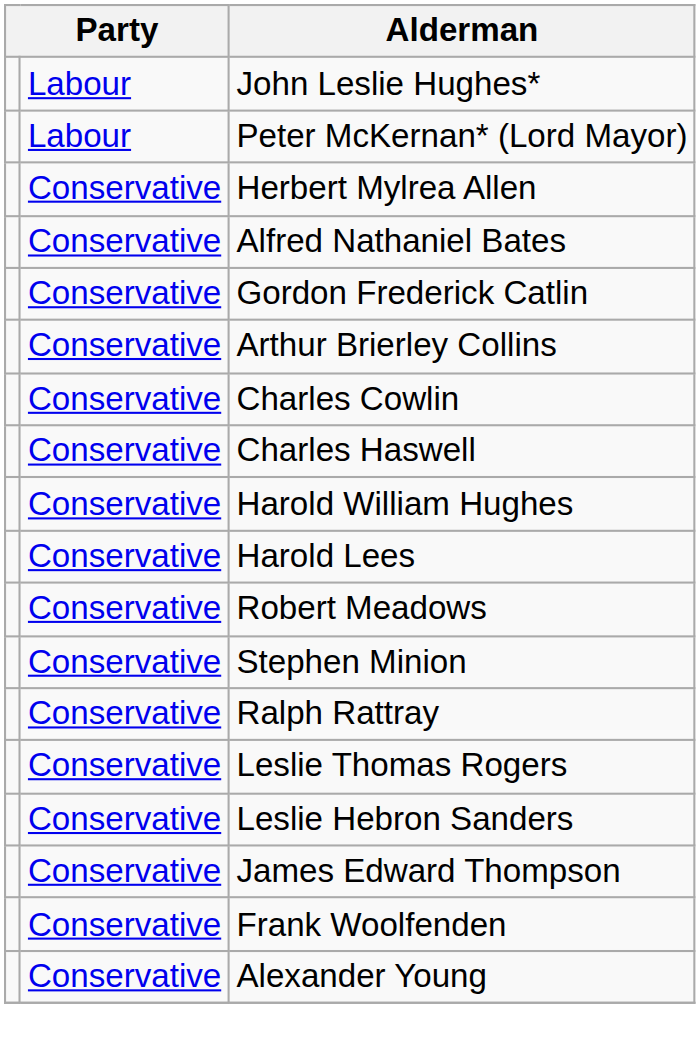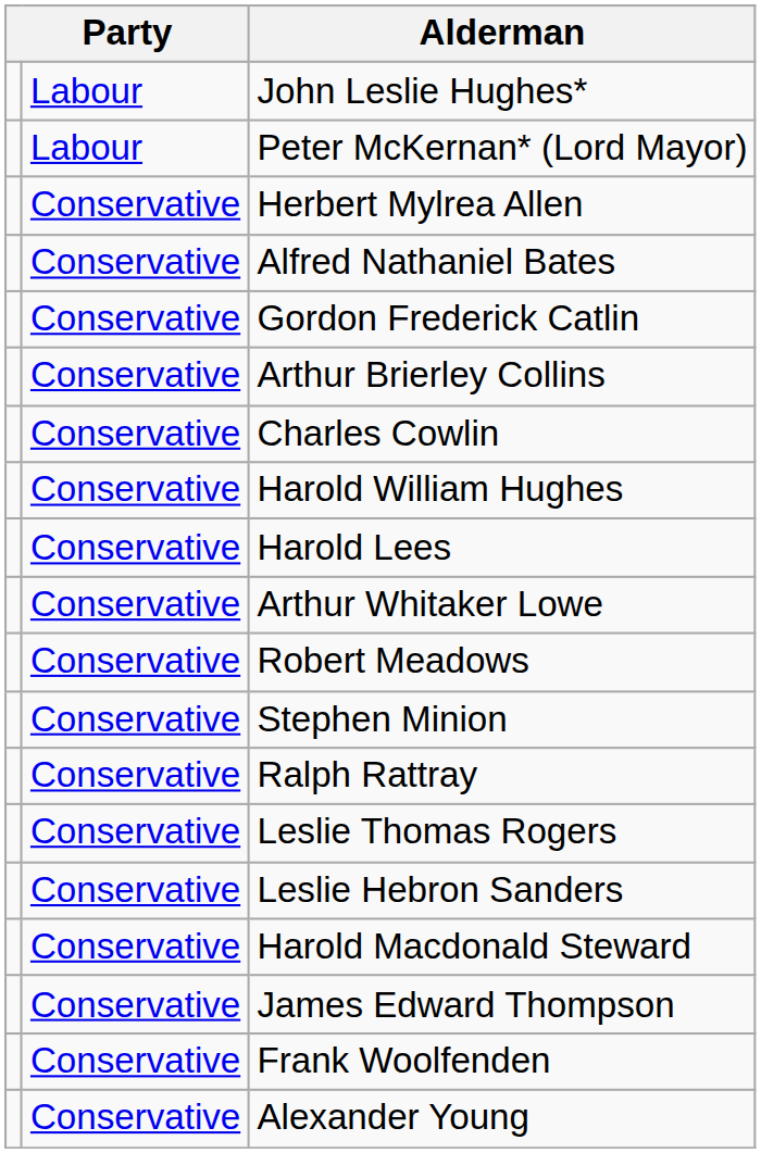 <table class="wikitable">
 <tr>
 <th colspan="2">Party</th>
 <th>Alderman</th>
 </tr>
 <tr>
 <td style="background-color:"></td>
 <td><a href='#'>Labour</a></td>
 <td>John Leslie Hughes*</td>
 </tr>
 <tr>
 <td style="background-color:"></td>
 <td><a href='#'>Labour</a></td>
 <td>Peter McKernan* (Lord Mayor)</td>
 </tr>
 <tr>
 <td style="background-color:"></td>
 <td><a href='#'>Conservative</a></td>
 <td>Herbert Mylrea Allen</td>
 </tr>
 <tr>
 <td style="background-color:"></td>
 <td><a href='#'>Conservative</a></td>
 <td>Alfred Nathaniel Bates</td>
 </tr>
 <tr>
 <td style="background-color:"></td>
 <td><a href='#'>Conservative</a></td>
 <td>Gordon Frederick Catlin</td>
 </tr>
 <tr>
 <td style="background-color:"></td>
 <td><a href='#'>Conservative</a></td>
 <td>Arthur Brierley Collins</td>
 </tr>
 <tr>
 <td style="background-color:"></td>
 <td><a href='#'>Conservative</a></td>
 <td>Charles Cowlin</td>
 </tr>
 <tr>
 <td style="background-color:"></td>
 <td><a href='#'>Conservative</a></td>
-<td>Charles Haswell</td>
-</tr>
-<tr>
-<td style="background-color:"></td>
-<td><a href='#'>Conservative</a></td>
 <td>Harold William Hughes</td>
 </tr>
 <tr>
 <td style="background-color:"></td>
 <td><a href='#'>Conservative</a></td>
 <td>Harold Lees</td>
+</tr>
+<tr>
+<td style="background-color:"></td>
+<td><a href='#'>Conservative</a></td>
+<td>Arthur Whitaker Lowe</td>
 </tr>
 <tr>
 <td style="background-color:"></td>
 <td><a href='#'>Conservative</a></td>
 <td>Robert Meadows</td>
 </tr>
 <tr>
 <td style="background-color:"></td>
 <td><a href='#'>Conservative</a></td>
 <td>Stephen Minion</td>
 </tr>
 <tr>
 <td style="background-color:"></td>
 <td><a href='#'>Conservative</a></td>
 <td>Ralph Rattray</td>
 </tr>
 <tr>
 <td style="background-color:"></td>
 <td><a href='#'>Conservative</a></td>
 <td>Leslie Thomas Rogers</td>
 </tr>
 <tr>
 <td style="background-color:"></td>
 <td><a href='#'>Conservative</a></td>
 <td>Leslie Hebron Sanders</td>
 </tr>
 <tr>
 <td style="background-color:"></td>
 <td><a href='#'>Conservative</a></td>
+<td>Harold Macdonald Steward</td>
+</tr>
+<tr>
+<td style="background-color:"></td>
+<td><a href='#'>Conservative</a></td>
 <td>James Edward Thompson</td>
 </tr>
 <tr>
 <td style="background-color:"></td>
 <td><a href='#'>Conservative</a></td>
 <td>Frank Woolfenden</td>
 </tr>
 <tr>
 <td style="background-color:"></td>
 <td><a href='#'>Conservative</a></td>
 <td>Alexander Young</td>
 </tr>
 <tr>
 </tr>
 </table>
